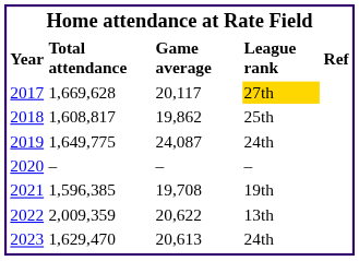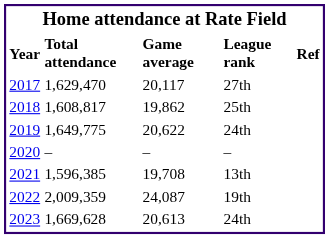 <table cellpadding="1" style="width:300px; font-size:90%; border:2px solid #33006F;">
 <tr style="text-align:center; font-size:larger;">
 <td colspan=5><strong>Home attendance at Rate Field</strong></td>
 </tr>
 <tr style=>
 <td><strong>Year</strong></td>
 <td><strong>Total attendance</strong></td>
 <td><strong>Game average</strong></td>
 <td><strong>League rank</strong></td>
 <td><strong>Ref</strong></td>
 </tr>
 <tr>
 <td><a href='#'>2017</a></td>
-<td>1,669,628</td>
+<td>1,629,470</td>
 <td>20,117</td>
-<td style="background: gold;">27th</td>
+<td>27th</td>
 <td></td>
 </tr>
 <tr>
 <td><a href='#'>2018</a></td>
 <td>1,608,817</td>
 <td>19,862</td>
 <td>25th</td>
 <td></td>
 </tr>
 <tr>
 <td><a href='#'>2019</a></td>
 <td>1,649,775</td>
-<td>24,087</td>
+<td>20,622</td>
 <td>24th</td>
 <td></td>
 </tr>
 <tr>
 <td><a href='#'>2020</a></td>
 <td>–</td>
 <td>–</td>
 <td>–</td>
 <td></td>
 </tr>
 <tr>
 <td><a href='#'>2021</a></td>
 <td>1,596,385</td>
 <td>19,708</td>
-<td>19th</td>
+<td>13th</td>
 <td></td>
 </tr>
 <tr>
 <td><a href='#'>2022</a></td>
 <td>2,009,359</td>
-<td>20,622</td>
-<td>13th</td>
+<td>24,087</td>
+<td>19th</td>
 <td></td>
 </tr>
 <tr>
 <td><a href='#'>2023</a></td>
-<td>1,629,470</td>
+<td>1,669,628</td>
 <td>20,613</td>
 <td>24th</td>
 <td></td>
 </tr>
 </table>
